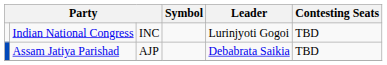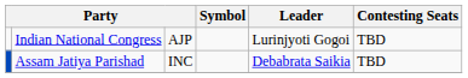 <table class="wikitable">
 <tr>
 <th colspan="3">Party</th>
 <th>Symbol</th>
 <th>Leader</th>
 <th>Contesting Seats</th>
 </tr>
 <tr>
 <td ! style="text-align:center; background:"></td>
 <td><a href='#'>Indian National Congress</a></td>
-<td>INC</td>
+<td>AJP</td>
 <td></td>
 <td>Lurinjyoti Gogoi</td>
 <td>TBD</td>
 </tr>
 <tr>
 <td ! style="text-align:center; background:#0048BA;color:black"></td>
 <td><a href='#'>Assam Jatiya Parishad</a></td>
-<td>AJP</td>
+<td>INC</td>
 <td></td>
 <td><a href='#'>Debabrata Saikia</a></td>
 <td>TBD</td>
 </tr>
 <tr>
 </tr>
 </table>
